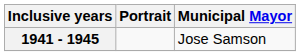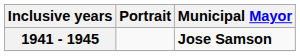 <table class="wikitable collapsible autocollapse" style="font-size:95%">
 <tr>
 <th scope="col">Inclusive years</th>
 <th scope="col">Portrait</th>
 <th scope="col">Municipal <a href='#'>Mayor</a></th>
 </tr>
 <tr>
 <th scope="row">1941 - 1945</th>
 <td></td>
-<td>Jose Samson </td>
+<td><strong>Jose Samson </strong></td>
 </tr>
 <tr>
 </tr>
 </table>
